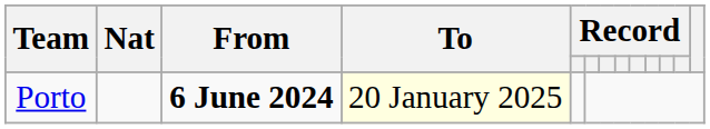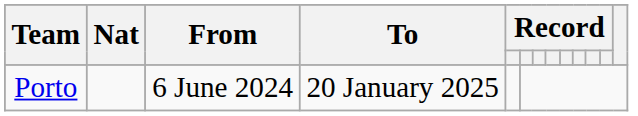 <table class="wikitable" style="text-align: center">
 <tr>
 <th rowspan="2">Team</th>
 <th rowspan="2">Nat</th>
 <th rowspan="2">From</th>
 <th rowspan="2">To</th>
 <th colspan="8">Record</th>
 <th rowspan=2></th>
 </tr>
 <tr>
 <th></th>
 <th></th>
 <th></th>
 <th></th>
 <th></th>
 <th></th>
 <th></th>
 <th></th>
 </tr>
 <tr>
 <td><a href='#'>Porto</a></td>
 <td></td>
-<td><strong>6 June 2024</strong></td>
-<td style="background: lightyellow;">20 January 2025<br></td>
+<td>6 June 2024</td>
+<td>20 January 2025<br></td>
 <td></td>
 </tr>
 </table>
